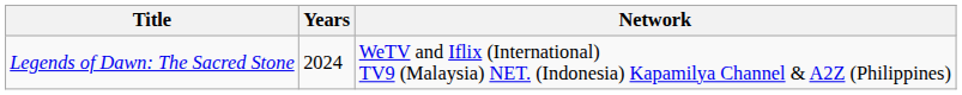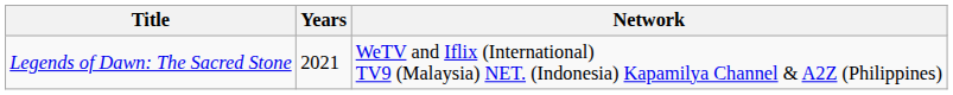 <table class="wikitable sortable">
 <tr>
 <th>Title</th>
 <th>Years</th>
 <th>Network</th>
 </tr>
 <tr>
 <td><em><a href='#'>Legends of Dawn: The Sacred Stone</a></em></td>
-<td>2024</td>
+<td>2021</td>
 <td><a href='#'>WeTV</a> and <a href='#'>Iflix</a> (International)<br><a href='#'>TV9</a> (Malaysia) <a href='#'>NET.</a> (Indonesia) <a href='#'>Kapamilya Channel</a> & <a href='#'>A2Z</a> (Philippines)</td>
 </tr>
 </table>
